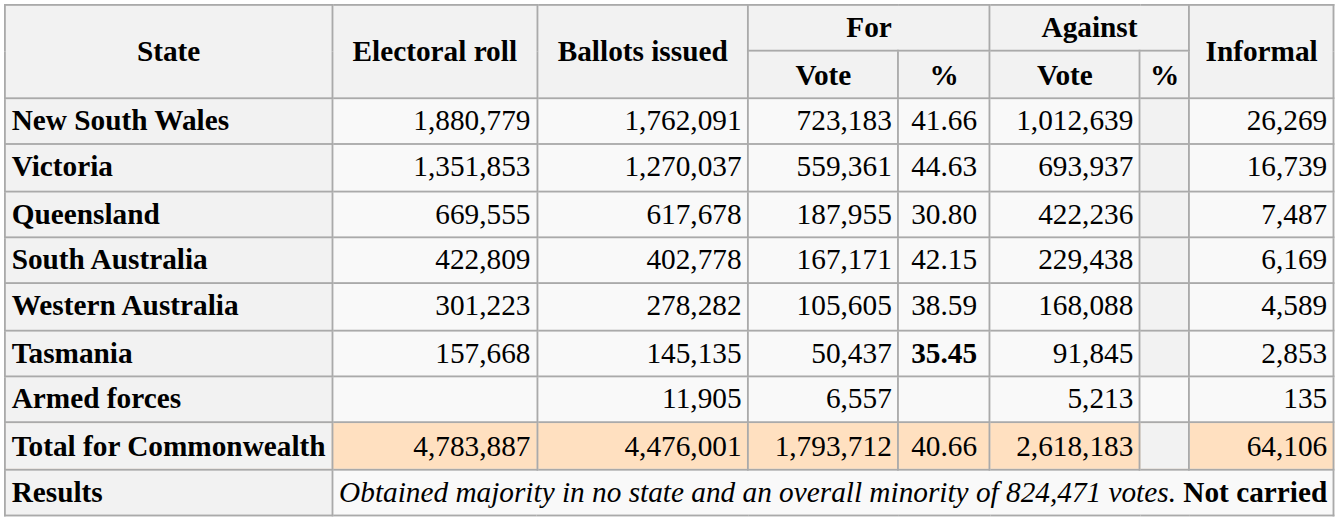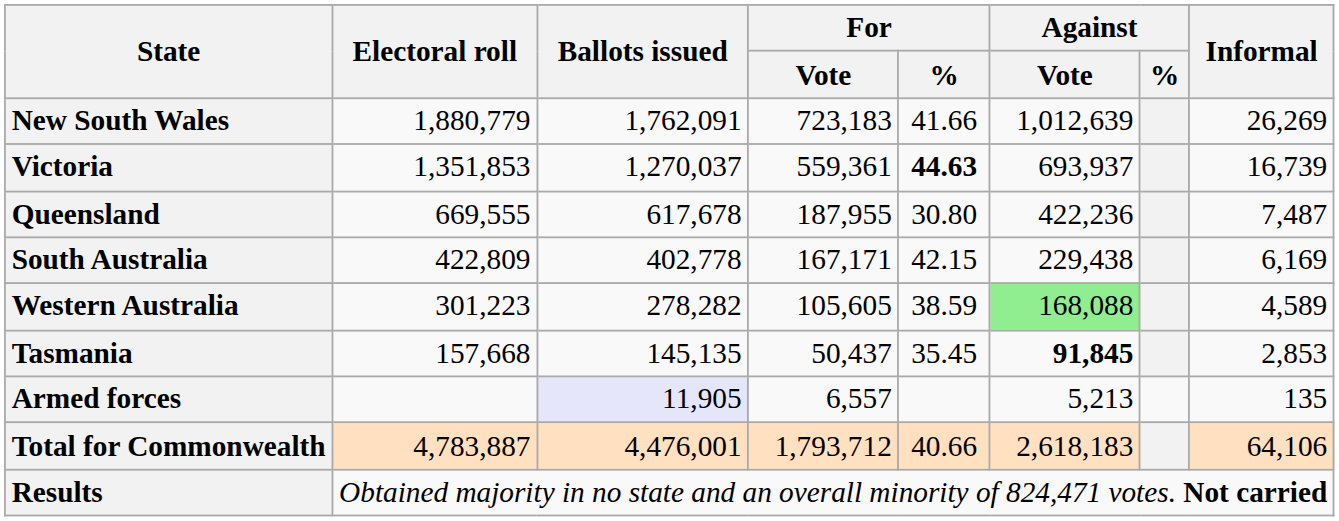 <table class="wikitable">
 <tr align=center>
 <th rowspan="2">State</th>
 <th rowspan="2">Electoral roll</th>
 <th rowspan="2">Ballots issued</th>
 <th align=center colspan="2">For</th>
 <th align=center colspan="2">Against</th>
 <th align=center rowspan="2">Informal</th>
 </tr>
 <tr>
 <th align=center>Vote</th>
 <th align=center>%</th>
 <th align=center>Vote</th>
 <th align=center>%</th>
 </tr>
 <tr align="right">
 <th style="text-align:left;">New South Wales</th>
 <td>1,880,779</td>
 <td>1,762,091</td>
 <td>723,183</td>
 <td align="center">41.66</td>
 <td>1,012,639</td>
 <th></th>
 <td>26,269</td>
 </tr>
 <tr align="right">
 <th style="text-align:left;">Victoria</th>
 <td>1,351,853</td>
 <td>1,270,037</td>
 <td>559,361</td>
-<td align="center">44.63</td>
+<td align="center"><strong>44.63</strong></td>
 <td>693,937</td>
 <th></th>
 <td>16,739</td>
 </tr>
 <tr align="right">
 <th style="text-align:left;">Queensland</th>
 <td>669,555</td>
 <td>617,678</td>
 <td>187,955</td>
 <td align="center">30.80</td>
 <td>422,236</td>
 <th></th>
 <td>7,487</td>
 </tr>
 <tr align="right">
 <th style="text-align:left;">South Australia</th>
 <td>422,809</td>
 <td>402,778</td>
 <td>167,171</td>
 <td align="center">42.15</td>
 <td>229,438</td>
 <th></th>
 <td>6,169</td>
 </tr>
 <tr align="right">
 <th style="text-align:left;">Western Australia</th>
 <td>301,223</td>
 <td>278,282</td>
 <td>105,605</td>
 <td align="center">38.59</td>
-<td>168,088</td>
+<td style="background: lightgreen;">168,088</td>
 <th></th>
 <td>4,589</td>
 </tr>
 <tr align="right">
 <th style="text-align:left;">Tasmania</th>
 <td>157,668</td>
 <td>145,135</td>
 <td>50,437</td>
-<td align="center"><strong>35.45</strong></td>
-<td>91,845</td>
+<td align="center">35.45</td>
+<td><strong>91,845</strong></td>
 <th></th>
 <td>2,853</td>
 </tr>
 <tr align="right">
 <th style="text-align:left;">Armed forces</th>
 <td> </td>
-<td>11,905</td>
+<td style="background: lavender;">11,905</td>
 <td>6,557</td>
 <td> </td>
 <td>5,213</td>
 <td> </td>
 <td>135</td>
 </tr>
 <tr bgcolor="#FFE0C0" align="right">
 <th style="text-align:left">Total for Commonwealth</th>
 <td>4,783,887</td>
 <td>4,476,001</td>
 <td>1,793,712</td>
 <td align="center">40.66</td>
 <td>2,618,183</td>
 <th></th>
 <td>64,106</td>
 </tr>
 <tr>
 <th style="text-align:left;">Results</th>
 <td colSpan="8"><em>Obtained majority in no state and an overall minority of 824,471 votes.</em> <strong>Not carried</strong></td>
 </tr>
 </table>
